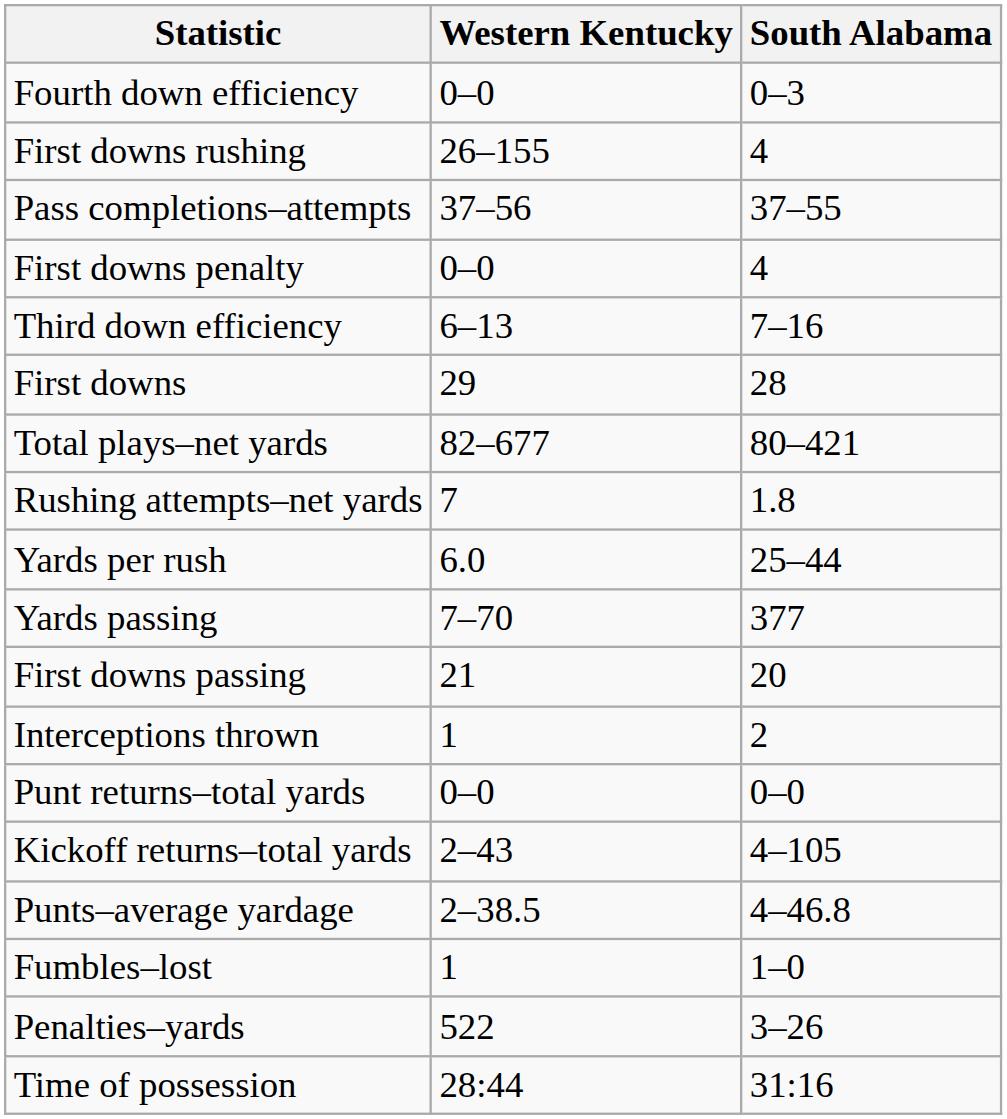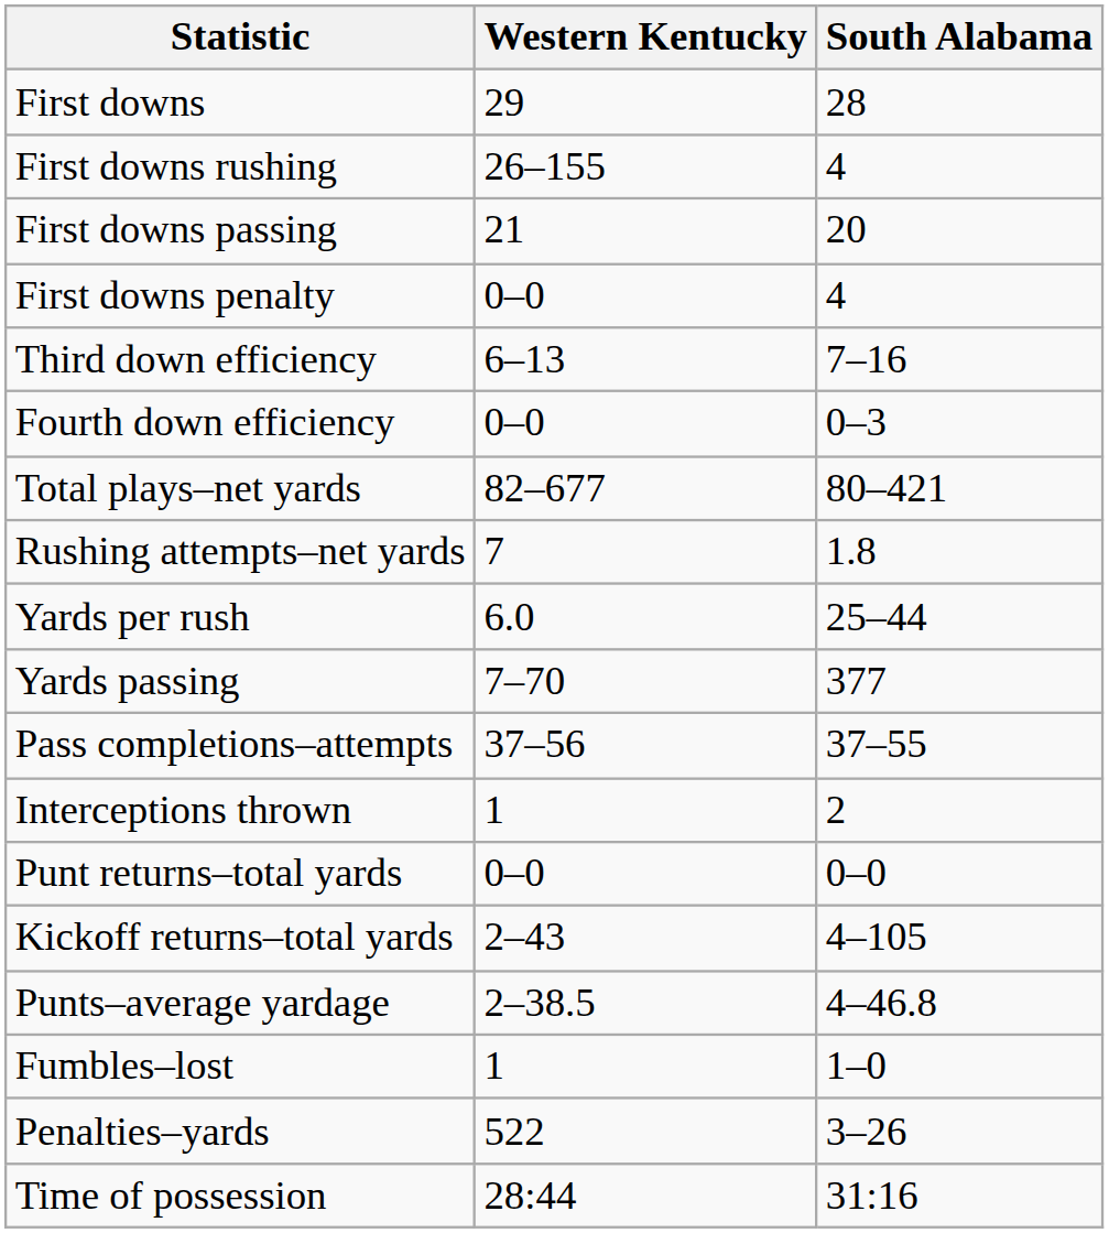 <table class="wikitable">
 <tr>
 <th>Statistic</th>
 <th><strong>Western Kentucky</strong></th>
 <th><strong>South Alabama</strong></th>
 </tr>
 <tr>
-<td>Fourth down efficiency</td>
-<td>0–0</td>
-<td>0–3</td>
+<td>First downs</td>
+<td>29</td>
+<td>28</td>
 </tr>
 <tr>
 <td>First downs rushing</td>
 <td>26–155</td>
 <td>4</td>
 </tr>
 <tr>
-<td>Pass completions–attempts</td>
-<td>37–56</td>
-<td>37–55</td>
+<td>First downs passing</td>
+<td>21</td>
+<td>20</td>
 </tr>
 <tr>
 <td>First downs penalty</td>
 <td>0–0</td>
 <td>4</td>
 </tr>
 <tr>
 <td>Third down efficiency</td>
 <td>6–13</td>
 <td>7–16</td>
 </tr>
 <tr>
-<td>First downs</td>
-<td>29</td>
-<td>28</td>
+<td>Fourth down efficiency</td>
+<td>0–0</td>
+<td>0–3</td>
 </tr>
 <tr>
 <td>Total plays–net yards</td>
 <td>82–677</td>
 <td>80–421</td>
 </tr>
 <tr>
 <td>Rushing attempts–net yards</td>
 <td>7</td>
 <td>1.8</td>
 </tr>
 <tr>
 <td>Yards per rush</td>
 <td>6.0</td>
 <td>25–44</td>
 </tr>
 <tr>
 <td>Yards passing</td>
 <td>7–70</td>
 <td>377</td>
 </tr>
 <tr>
-<td>First downs passing</td>
-<td>21</td>
-<td>20</td>
+<td>Pass completions–attempts</td>
+<td>37–56</td>
+<td>37–55</td>
 </tr>
 <tr>
 <td>Interceptions thrown</td>
 <td>1</td>
 <td>2</td>
 </tr>
 <tr>
 <td>Punt returns–total yards</td>
 <td>0–0</td>
 <td>0–0</td>
 </tr>
 <tr>
 <td>Kickoff returns–total yards</td>
 <td>2–43</td>
 <td>4–105</td>
 </tr>
 <tr>
 <td>Punts–average yardage</td>
 <td>2–38.5</td>
 <td>4–46.8</td>
 </tr>
 <tr>
 <td>Fumbles–lost</td>
 <td>1</td>
 <td>1–0</td>
 </tr>
 <tr>
 <td>Penalties–yards</td>
 <td>522</td>
 <td>3–26</td>
 </tr>
 <tr>
 <td>Time of possession</td>
 <td>28:44</td>
 <td>31:16</td>
 </tr>
 </table>
